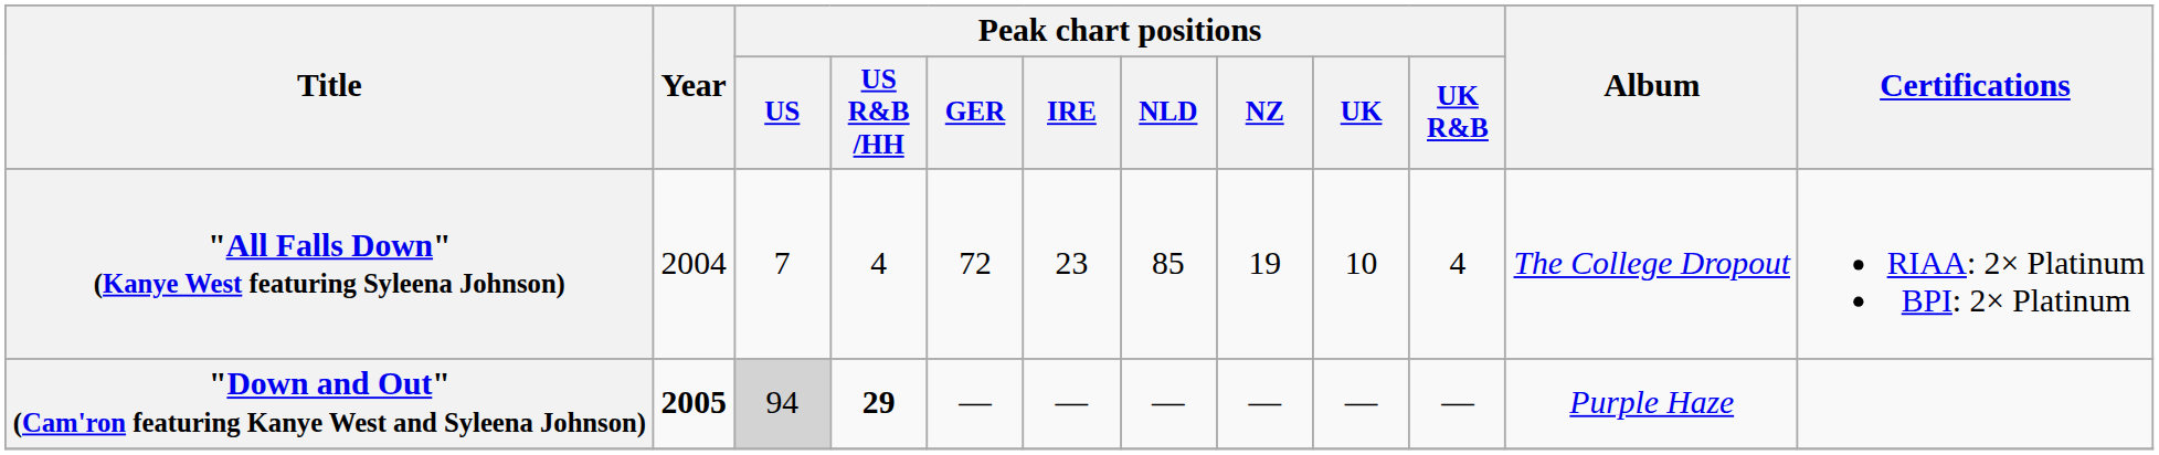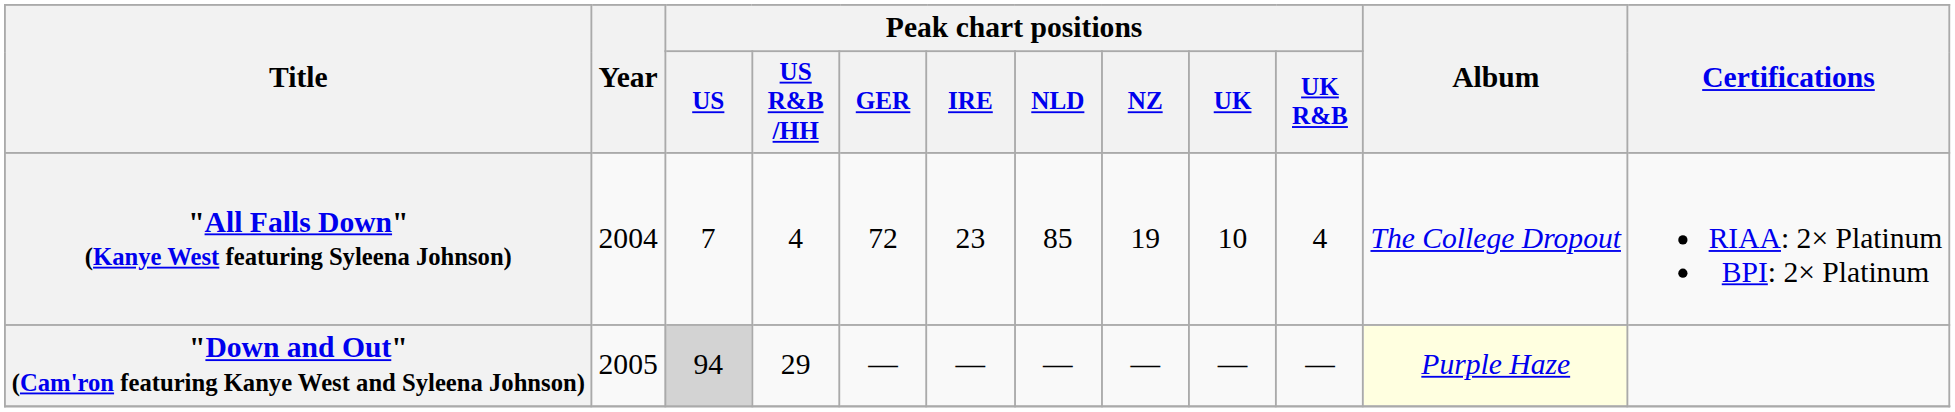 <table class="wikitable plainrowheaders" style="text-align:center;" border="1">
 <tr>
 <th scope="col" rowspan="2">Title</th>
 <th scope="col" rowspan="2">Year</th>
 <th ! scope="col" colspan="8">Peak chart positions</th>
 <th scope="col" rowspan="2">Album</th>
 <th scope="col" rowspan="2"><a href='#'>Certifications</a></th>
 </tr>
 <tr>
 <th scope="col" style="width:3em;font-size:85%;"><a href='#'>US</a><br></th>
 <th scope="col" style="width:3em;font-size:85%;"><a href='#'>US<br>R&B<br>/HH</a><br></th>
 <th scope="col" style="width:3em;font-size:85%;"><a href='#'>GER</a><br></th>
 <th scope="col" style="width:3em;font-size:85%;"><a href='#'>IRE</a><br></th>
 <th scope="col" style="width:3em;font-size:85%;"><a href='#'>NLD</a><br></th>
 <th scope="col" style="width:3em;font-size:85%;"><a href='#'>NZ</a><br></th>
 <th scope="col" style="width:3em;font-size:85%;"><a href='#'>UK</a><br></th>
 <th scope="col" style="width:3em;font-size:85%;"><a href='#'>UK<br>R&B</a><br></th>
 </tr>
 <tr>
 <th scope="row">"<a href='#'>All Falls Down</a>" <br> <small>(<a href='#'>Kanye West</a> featuring Syleena Johnson)</small></th>
 <td align="center">2004</td>
 <td align="center">7</td>
 <td align="center">4</td>
 <td align="center">72</td>
 <td align="center">23</td>
 <td align="center">85</td>
 <td align="center">19</td>
 <td align="center">10</td>
 <td align="center">4</td>
 <td><em><a href='#'>The College Dropout</a></em></td>
 <td><br><ul><li><a href='#'>RIAA</a>: 2× Platinum</li><li><a href='#'>BPI</a>: 2× Platinum</li></ul></td>
 </tr>
 <tr>
 <th scope="row">"<a href='#'>Down and Out</a>" <br> <small>(<a href='#'>Cam'ron</a> featuring Kanye West and Syleena Johnson)</small></th>
-<td align="center"><strong>2005</strong></td>
+<td align="center">2005</td>
 <td align="center" style="background: lightgrey;">94</td>
-<td align="center"><strong>29</strong></td>
+<td align="center">29</td>
 <td align="center">—</td>
 <td align="center">—</td>
 <td align="center">—</td>
 <td align="center">—</td>
 <td align="center">—</td>
 <td align="center">—</td>
-<td><em><a href='#'>Purple Haze</a></em></td>
+<td style="background: lightyellow;"><em><a href='#'>Purple Haze</a></em></td>
 <td></td>
 </tr>
 <tr>
 </tr>
 </table>
